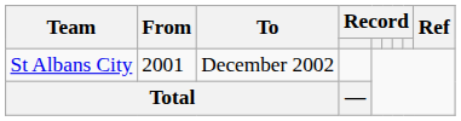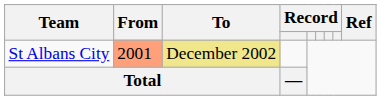 <table class="wikitable" style="text-align:center">
 <tr>
 <th rowspan="2">Team</th>
 <th rowspan="2">From</th>
 <th rowspan="2">To</th>
 <th colspan="5">Record</th>
 <th rowspan="2">Ref</th>
 </tr>
 <tr>
 <th></th>
 <th></th>
 <th></th>
 <th></th>
 <th></th>
 </tr>
 <tr>
 <td align="left"><a href='#'>St Albans City</a></td>
-<td align="left">2001</td>
-<td align="left">December 2002<br></td>
+<td align="left" style="background: lightsalmon;">2001</td>
+<td align="left" style="background: khaki;">December 2002<br></td>
 <td></td>
 </tr>
 <tr>
 <th colspan="3">Total<br></th>
 <th>—</th>
 </tr>
 </table>
